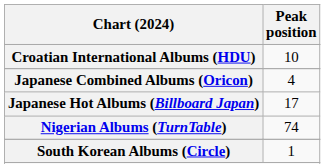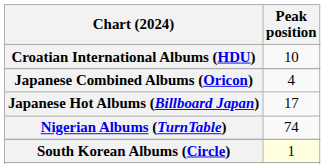 <table class="wikitable sortable plainrowheaders" style="text-align:center">
 <tr>
 <th scope="col">Chart (2024)</th>
 <th scope="col">Peak<br>position</th>
 </tr>
 <tr>
 </tr>
 <tr>
 </tr>
 <tr>
 </tr>
 <tr>
 <th scope="row">Croatian International Albums (<a href='#'>HDU</a>)</th>
 <td>10</td>
 </tr>
 <tr>
 </tr>
 <tr>
 </tr>
 <tr>
 <th scope="row">Japanese Combined Albums (<a href='#'>Oricon</a>)</th>
 <td>4</td>
 </tr>
 <tr>
 <th scope="row">Japanese Hot Albums (<em><a href='#'>Billboard Japan</a></em>)</th>
 <td>17</td>
 </tr>
 <tr>
 <th scope="row"><a href='#'>Nigerian Albums</a> (<em><a href='#'>TurnTable</a></em>)</th>
 <td>74</td>
 </tr>
 <tr>
 </tr>
 <tr>
 <th scope="row">South Korean Albums (<a href='#'>Circle</a>)</th>
-<td>1</td>
+<td style="background: lightyellow;">1</td>
 </tr>
 <tr>
 </tr>
 <tr>
 </tr>
 <tr>
 </tr>
 <tr>
 </tr>
 </table>
